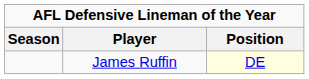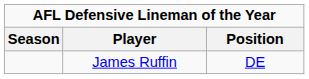 <table class="wikitable sortable" style="text-align:center">
 <tr>
 <td colspan="4"><strong>AFL Defensive Lineman of the Year</strong></td>
 </tr>
 <tr>
 <th style="width:50px; ">Season</th>
 <th style="width:150px; ">Player</th>
 <th style="width:100px; ">Position</th>
 </tr>
 <tr>
 <td></td>
 <td><a href='#'>James Ruffin</a></td>
-<td style="background: lightyellow;"><a href='#'>DE</a></td>
+<td><a href='#'>DE</a></td>
 </tr>
 </table>
